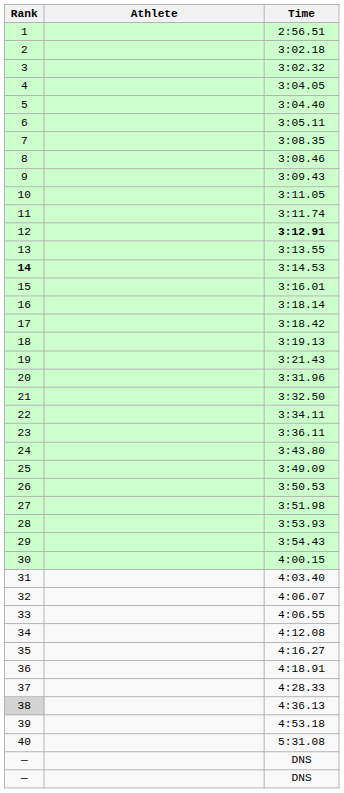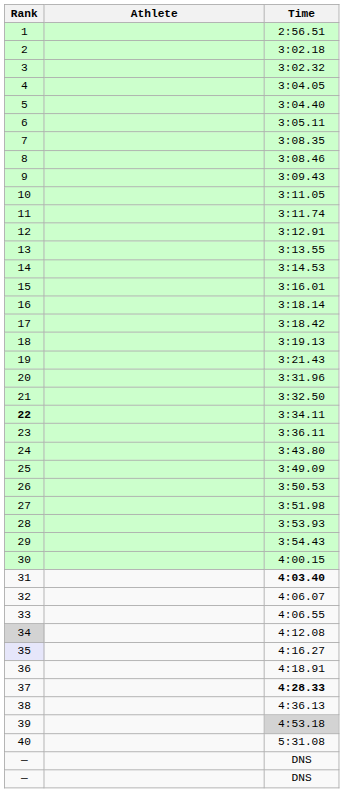 <table class=wikitable style="text-align:center">
 <tr>
 <th width=40>Rank</th>
 <th width=250>Athlete</th>
 <th width=80>Time</th>
 </tr>
 <tr bgcolor="ccffcc">
 <td>1</td>
 <td align=left></td>
 <td>2:56.51</td>
 </tr>
 <tr bgcolor="ccffcc">
 <td>2</td>
 <td align=left></td>
 <td>3:02.18</td>
 </tr>
 <tr bgcolor="ccffcc">
 <td>3</td>
 <td align=left></td>
 <td>3:02.32</td>
 </tr>
 <tr bgcolor="ccffcc">
 <td>4</td>
 <td align=left></td>
 <td>3:04.05</td>
 </tr>
 <tr bgcolor="ccffcc">
 <td>5</td>
 <td align=left></td>
 <td>3:04.40</td>
 </tr>
 <tr bgcolor="ccffcc">
 <td>6</td>
 <td align=left></td>
 <td>3:05.11</td>
 </tr>
 <tr bgcolor="ccffcc">
 <td>7</td>
 <td align=left></td>
 <td>3:08.35</td>
 </tr>
 <tr bgcolor="ccffcc">
 <td>8</td>
 <td align=left></td>
 <td>3:08.46</td>
 </tr>
 <tr bgcolor="ccffcc">
 <td>9</td>
 <td align=left></td>
 <td>3:09.43</td>
 </tr>
 <tr bgcolor="ccffcc">
 <td>10</td>
 <td align=left></td>
 <td>3:11.05</td>
 </tr>
 <tr bgcolor="ccffcc">
 <td>11</td>
 <td align=left></td>
 <td>3:11.74</td>
 </tr>
 <tr bgcolor="ccffcc">
 <td>12</td>
 <td align=left></td>
-<td><strong>3:12.91</strong></td>
+<td>3:12.91</td>
 </tr>
 <tr bgcolor="ccffcc">
 <td>13</td>
 <td align=left></td>
 <td>3:13.55</td>
 </tr>
 <tr bgcolor="ccffcc">
-<td><strong>14</strong></td>
+<td>14</td>
 <td align=left></td>
 <td>3:14.53</td>
 </tr>
 <tr bgcolor="ccffcc">
 <td>15</td>
 <td align=left></td>
 <td>3:16.01</td>
 </tr>
 <tr bgcolor="ccffcc">
 <td>16</td>
 <td align=left></td>
 <td>3:18.14</td>
 </tr>
 <tr bgcolor="ccffcc">
 <td>17</td>
 <td align=left></td>
 <td>3:18.42</td>
 </tr>
 <tr bgcolor="ccffcc">
 <td>18</td>
 <td align=left></td>
 <td>3:19.13</td>
 </tr>
 <tr bgcolor="ccffcc">
 <td>19</td>
 <td align=left></td>
 <td>3:21.43</td>
 </tr>
 <tr bgcolor="ccffcc">
 <td>20</td>
 <td align=left></td>
 <td>3:31.96</td>
 </tr>
 <tr bgcolor="ccffcc">
 <td>21</td>
 <td align=left></td>
 <td>3:32.50</td>
 </tr>
 <tr bgcolor="ccffcc">
-<td>22</td>
+<td><strong>22</strong></td>
 <td align=left></td>
 <td>3:34.11</td>
 </tr>
 <tr bgcolor="ccffcc">
 <td>23</td>
 <td align=left></td>
 <td>3:36.11</td>
 </tr>
 <tr bgcolor="ccffcc">
 <td>24</td>
 <td align=left></td>
 <td>3:43.80</td>
 </tr>
 <tr bgcolor="ccffcc">
 <td>25</td>
 <td align=left></td>
 <td>3:49.09</td>
 </tr>
 <tr bgcolor="ccffcc">
 <td>26</td>
 <td align=left></td>
 <td>3:50.53</td>
 </tr>
 <tr bgcolor="ccffcc">
 <td>27</td>
 <td align=left></td>
 <td>3:51.98</td>
 </tr>
 <tr bgcolor="ccffcc">
 <td>28</td>
 <td align=left></td>
 <td>3:53.93</td>
 </tr>
 <tr bgcolor="ccffcc">
 <td>29</td>
 <td align=left></td>
 <td>3:54.43</td>
 </tr>
 <tr bgcolor="ccffcc">
 <td>30</td>
 <td align=left></td>
 <td>4:00.15</td>
 </tr>
 <tr>
 <td>31</td>
 <td align=left></td>
-<td>4:03.40</td>
+<td><strong>4:03.40</strong></td>
 </tr>
 <tr>
 <td>32</td>
 <td align=left></td>
 <td>4:06.07</td>
 </tr>
 <tr>
 <td>33</td>
 <td align=left></td>
 <td>4:06.55</td>
 </tr>
 <tr>
-<td>34</td>
+<td style="background: lightgrey;">34</td>
 <td align=left></td>
 <td>4:12.08</td>
 </tr>
 <tr>
-<td>35</td>
+<td style="background: lavender;">35</td>
 <td align=left></td>
 <td>4:16.27</td>
 </tr>
 <tr>
 <td>36</td>
 <td align=left></td>
 <td>4:18.91</td>
 </tr>
 <tr>
 <td>37</td>
 <td align=left></td>
-<td>4:28.33</td>
+<td><strong>4:28.33</strong></td>
 </tr>
 <tr>
-<td style="background: lightgrey;">38</td>
+<td>38</td>
 <td align=left></td>
 <td>4:36.13</td>
 </tr>
 <tr>
 <td>39</td>
 <td align=left></td>
-<td>4:53.18</td>
+<td style="background: lightgrey;">4:53.18</td>
 </tr>
 <tr>
 <td>40</td>
 <td align=left></td>
 <td>5:31.08</td>
 </tr>
 <tr>
 <td>—</td>
 <td align=left></td>
 <td>DNS</td>
 </tr>
 <tr>
 <td>—</td>
 <td align=left></td>
 <td>DNS</td>
 </tr>
 </table>
